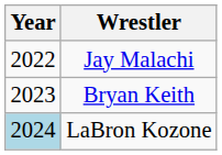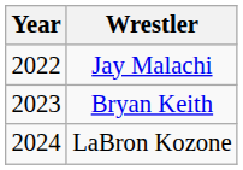 <table class="wikitable sortable" style="text-align: center">
 <tr>
 <th>Year</th>
 <th>Wrestler</th>
 </tr>
 <tr>
 <td>2022</td>
 <td><a href='#'>Jay Malachi</a></td>
 </tr>
 <tr>
 <td>2023</td>
 <td><a href='#'>Bryan Keith</a></td>
 </tr>
 <tr>
-<td style="background: lightblue;">2024</td>
+<td>2024</td>
 <td>LaBron Kozone</td>
 </tr>
 </table>
